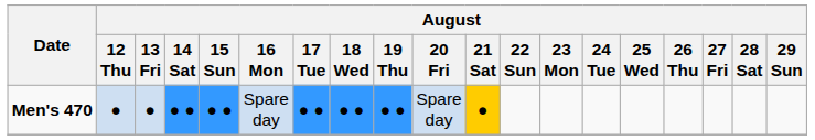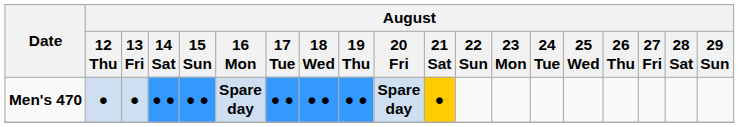 <table class="wikitable" style="margin:0.5em auto; font-size:90%; line-height:1.25em;">
 <tr>
 <th rowspan=2>Date</th>
 <th colspan=18>August</th>
 </tr>
 <tr>
 <th>12<br>Thu</th>
 <th>13<br>Fri</th>
 <th>14<br>Sat</th>
 <th>15<br>Sun</th>
 <th>16<br>Mon</th>
 <th>17<br>Tue</th>
 <th>18<br>Wed</th>
 <th>19<br>Thu</th>
 <th>20<br>Fri</th>
 <th>21<br>Sat</th>
 <th>22<br>Sun</th>
 <th>23<br>Mon</th>
 <th>24<br>Tue</th>
 <th>25<br>Wed</th>
 <th>26<br>Thu</th>
 <th>27<br>Fri</th>
 <th>28<br>Sat</th>
 <th>29<br>Sun</th>
 </tr>
 <tr align="center">
 <td align="center"><strong>Men's 470</strong></td>
 <td bgcolor=#cedff2><span> ● </span></td>
 <td bgcolor=#cedff2><span> ● </span></td>
 <td bgcolor=#3399ff><span> ● ● </span></td>
 <td bgcolor=#3399ff><span> ● ● </span></td>
-<td bgcolor=#cedff2>Spare<br>day</td>
+<td bgcolor=#cedff2><strong>Spare<br>day</strong></td>
 <td bgcolor=#3399ff><span> ● ● </span></td>
 <td bgcolor=#3399ff><span> ● ● </span></td>
 <td bgcolor=#3399ff><span> ● ● </span></td>
-<td bgcolor=#cedff2>Spare<br>day</td>
+<td bgcolor=#cedff2><strong>Spare<br>day</strong></td>
 <td bgcolor=#ffcc00><span> ● </span></td>
 <td></td>
 <td></td>
 <td></td>
 <td></td>
 <td></td>
 <td></td>
 <td></td>
 <td></td>
 </tr>
 <tr align="center">
 </tr>
 </table>
